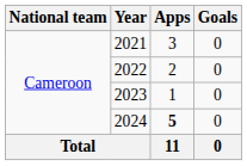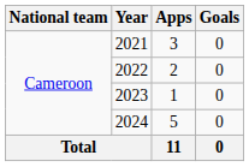 <table class=wikitable style=text-align:center>
 <tr>
 <th>National team</th>
 <th>Year</th>
 <th>Apps</th>
 <th>Goals</th>
 </tr>
 <tr>
 <td rowspan="4"><a href='#'>Cameroon</a></td>
 <td>2021</td>
 <td>3</td>
 <td>0</td>
 </tr>
 <tr>
 <td>2022</td>
 <td>2</td>
 <td>0</td>
 </tr>
 <tr>
 <td>2023</td>
 <td>1</td>
 <td>0</td>
 </tr>
 <tr>
 <td>2024</td>
-<td><strong>5</strong></td>
+<td>5</td>
 <td>0</td>
 </tr>
 <tr>
 <th colspan="2">Total</th>
 <th>11</th>
 <th>0</th>
 </tr>
 </table>
